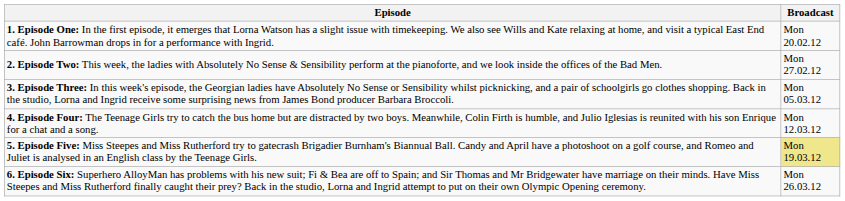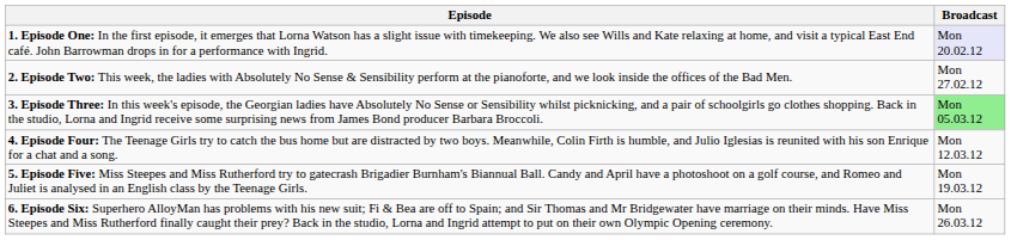 <table class="wikitable">
 <tr>
 <th>Episode</th>
 <th>Broadcast</th>
 </tr>
 <tr>
 <td><strong>1. Episode One:</strong> In the first episode, it emerges that Lorna Watson has a slight issue with timekeeping. We also see Wills and Kate relaxing at home, and visit a typical East End café. John Barrowman drops in for a performance with Ingrid.</td>
-<td>Mon 20.02.12</td>
+<td style="background: lavender;">Mon 20.02.12</td>
 </tr>
 <tr>
 <td><strong>2. Episode Two:</strong> This week, the ladies with Absolutely No Sense & Sensibility perform at the pianoforte, and we look inside the offices of the Bad Men.</td>
 <td>Mon 27.02.12</td>
 </tr>
 <tr>
 <td><strong>3. Episode Three:</strong> In this week's episode, the Georgian ladies have Absolutely No Sense or Sensibility whilst picknicking, and a pair of schoolgirls go clothes shopping. Back in the studio, Lorna and Ingrid receive some surprising news from James Bond producer Barbara Broccoli.</td>
-<td>Mon 05.03.12</td>
+<td style="background: lightgreen;">Mon 05.03.12</td>
 </tr>
 <tr>
 <td><strong>4. Episode Four:</strong> The Teenage Girls try to catch the bus home but are distracted by two boys. Meanwhile, Colin Firth is humble, and Julio Iglesias is reunited with his son Enrique for a chat and a song.</td>
 <td>Mon 12.03.12</td>
 </tr>
 <tr>
 <td><strong>5. Episode Five:</strong> Miss Steepes and Miss Rutherford try to gatecrash Brigadier Burnham's Biannual Ball. Candy and April have a photoshoot on a golf course, and Romeo and Juliet is analysed in an English class by the Teenage Girls.</td>
-<td style="background: khaki;">Mon 19.03.12</td>
+<td>Mon 19.03.12</td>
 </tr>
 <tr>
 <td><strong>6. Episode Six:</strong> Superhero AlloyMan has problems with his new suit; Fi & Bea are off to Spain; and Sir Thomas and Mr Bridgewater have marriage on their minds. Have Miss Steepes and Miss Rutherford finally caught their prey? Back in the studio, Lorna and Ingrid attempt to put on their own Olympic Opening ceremony.</td>
 <td>Mon 26.03.12</td>
 </tr>
 </table>
